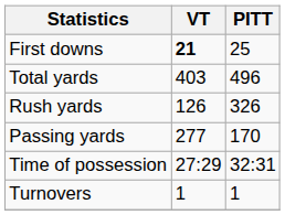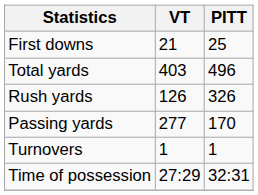 <table class="wikitable" style="float: left;">
 <tr>
 <th>Statistics</th>
 <th>VT</th>
 <th>PITT</th>
 </tr>
 <tr>
 <td>First downs</td>
-<td><strong>21</strong></td>
+<td>21</td>
 <td>25</td>
 </tr>
 <tr>
 <td>Total yards</td>
 <td>403</td>
 <td>496</td>
 </tr>
 <tr>
 <td>Rush yards</td>
 <td>126</td>
 <td>326</td>
 </tr>
 <tr>
 <td>Passing yards</td>
 <td>277</td>
 <td>170</td>
 </tr>
 <tr>
+<td>Turnovers</td>
+<td>1</td>
+<td>1</td>
+</tr>
+<tr>
 <td>Time of possession</td>
 <td>27:29</td>
 <td>32:31</td>
 </tr>
 <tr>
-<td>Turnovers</td>
-<td>1</td>
-<td>1</td>
-</tr>
-<tr>
 </tr>
 </table>
